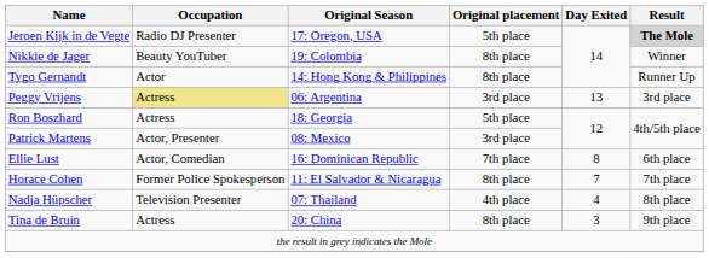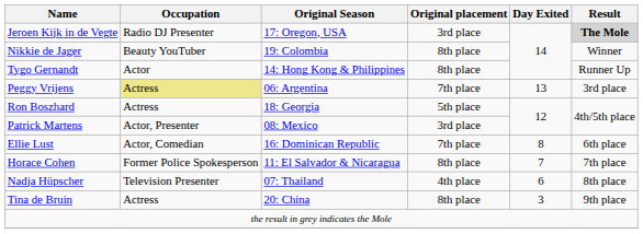 <table class="wikitable sortable" style="text-align:center">
 <tr>
 <th>Name</th>
 <th>Occupation</th>
 <th>Original Season</th>
 <th>Original placement</th>
 <th>Day Exited</th>
 <th>Result</th>
 </tr>
 <tr>
 <td style="text-align:left"><a href='#'>Jeroen Kijk in de Vegte</a></td>
 <td style="text-align:left">Radio DJ Presenter</td>
 <td style="text-align:left"><a href='#'>17: Oregon, USA</a></td>
-<td>5th place</td>
+<td>3rd place</td>
 <td rowspan="3" style="text-align:center">14</td>
 <td style=background:lightgray;><strong>The Mole</strong></td>
 </tr>
 <tr>
 <td style="text-align:left"><a href='#'>Nikkie de Jager</a></td>
 <td style="text-align:left">Beauty YouTuber</td>
 <td style="text-align:left"><a href='#'>19: Colombia</a></td>
 <td>8th place</td>
 <td>Winner</td>
 </tr>
 <tr>
 <td style="text-align:left"><a href='#'>Tygo Gernandt</a></td>
 <td style="text-align:left">Actor</td>
 <td style="text-align:left"><a href='#'>14: Hong Kong & Philippines</a></td>
 <td>8th place</td>
 <td>Runner Up</td>
 </tr>
 <tr>
 <td style="text-align:left"><a href='#'>Peggy Vrijens</a></td>
 <td style="background: khaki; text-align:left">Actress</td>
 <td style="text-align:left"><a href='#'>06: Argentina</a></td>
-<td>3rd place</td>
+<td>7th place</td>
 <td style="text-align:center">13</td>
 <td>3rd place</td>
 </tr>
 <tr>
 <td style="text-align:left"><a href='#'>Ron Boszhard</a></td>
 <td style="text-align:left">Actress</td>
 <td style="text-align:left"><a href='#'>18: Georgia</a></td>
 <td>5th place</td>
 <td rowspan="2" style="text-align:center">12</td>
 <td rowspan="2">4th/5th place</td>
 </tr>
 <tr>
 <td style="text-align:left"><a href='#'>Patrick Martens</a></td>
 <td style="text-align:left">Actor, Presenter</td>
 <td style="text-align:left"><a href='#'>08: Mexico</a></td>
 <td>3rd place</td>
 </tr>
 <tr>
 <td style="text-align:left"><a href='#'>Ellie Lust</a></td>
 <td style="text-align:left">Actor, Comedian</td>
 <td style="text-align:left"><a href='#'>16: Dominican Republic</a></td>
 <td>7th place</td>
 <td style="text-align:center">8</td>
 <td>6th place</td>
 </tr>
 <tr>
 <td style="text-align:left"><a href='#'>Horace Cohen</a></td>
 <td style="text-align:left">Former Police Spokesperson</td>
 <td style="text-align:left"><a href='#'>11: El Salvador & Nicaragua</a></td>
 <td>8th place</td>
 <td style="text-align:center">7</td>
 <td>7th place</td>
 </tr>
 <tr>
 <td style="text-align:left"><a href='#'>Nadja Hüpscher</a></td>
 <td style="text-align:left">Television Presenter</td>
 <td style="text-align:left"><a href='#'>07: Thailand</a></td>
 <td>4th place</td>
-<td style="text-align:center">4</td>
+<td style="text-align:center">6</td>
 <td>8th place</td>
 </tr>
 <tr>
 <td style="text-align:left"><a href='#'>Tina de Bruin</a></td>
 <td style="text-align:left">Actress</td>
 <td style="text-align:left"><a href='#'>20: China</a></td>
 <td>8th place</td>
 <td style="text-align:center">3</td>
 <td>9th place</td>
 </tr>
 <tr>
 <td colspan="6" ; style="text-align:center"><small><em>the result in grey indicates the Mole</em></small></td>
 </tr>
 <tr>
 </tr>
 </table>
